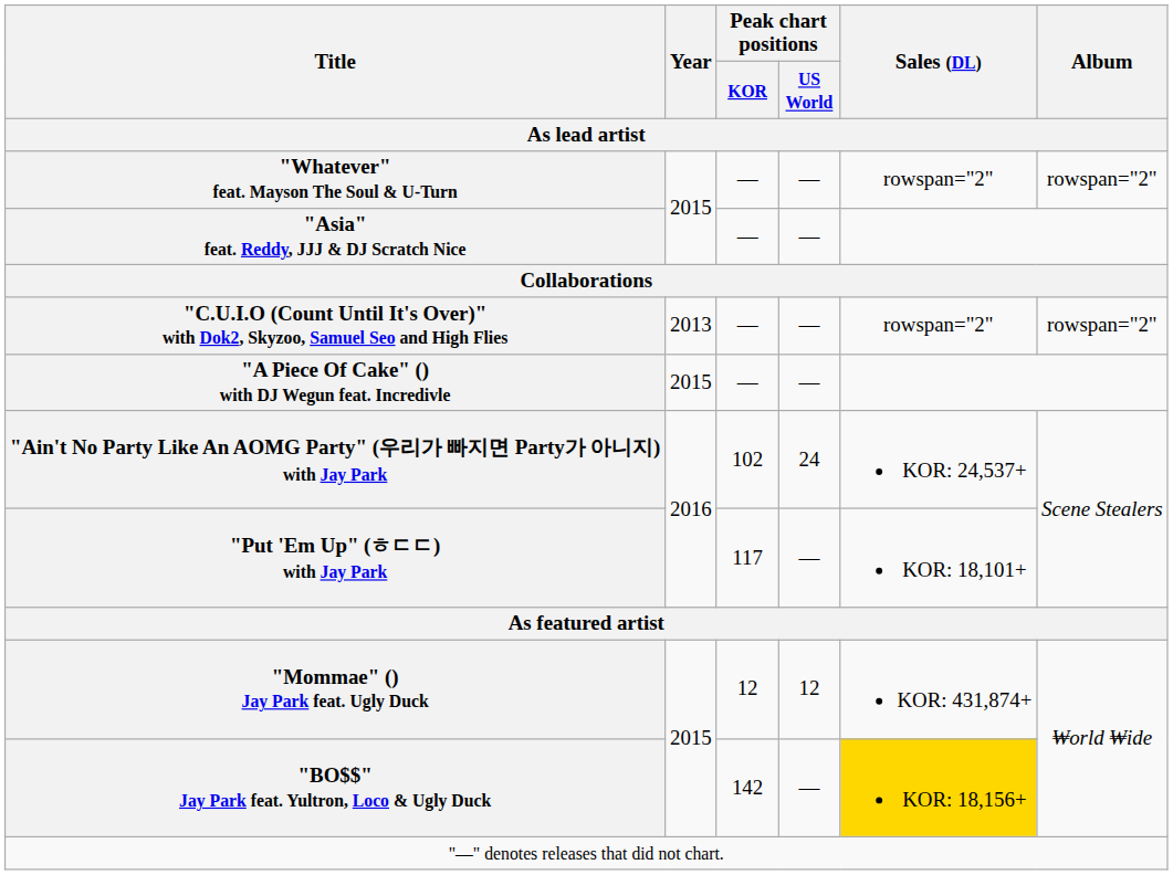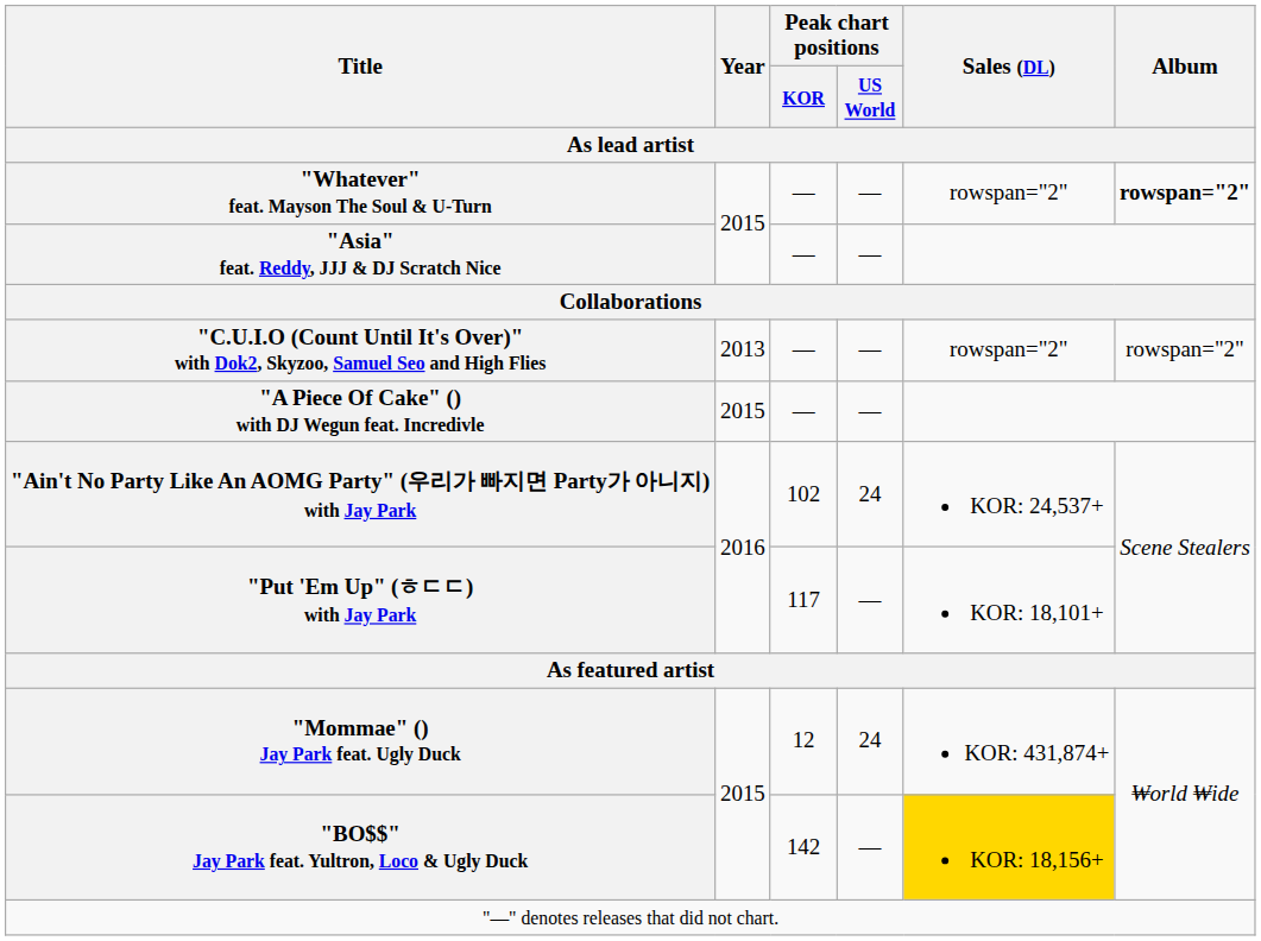 <table class="wikitable plainrowheaders" style="text-align:center;">
 <tr>
 <th scope="col" rowspan="2">Title</th>
 <th scope="col" rowspan="2">Year</th>
 <th scope="col" colspan="2">Peak chart <br> positions</th>
 <th scope="col" rowspan="2">Sales <small>(<a href='#'>DL</a>)</small></th>
 <th scope="col" rowspan="2">Album</th>
 </tr>
 <tr>
 <th scope="col" style="width:2.5em;"><small><a href='#'>KOR</a></small><br></th>
 <th scope="col" style="width:2.5em;"><small><a href='#'>US World</a></small><br></th>
 </tr>
 <tr>
 <th scope="col" colspan="6">As lead artist</th>
 </tr>
 <tr>
 <th scope="row">"Whatever" <br><small>feat. Mayson The Soul & U-Turn</small></th>
 <td rowspan="2">2015</td>
 <td>—</td>
 <td>—</td>
 <td>rowspan="2" </td>
-<td>rowspan="2" </td>
+<td><strong>rowspan="2" </strong></td>
 </tr>
 <tr>
 <th scope="row">"Asia" <br><small>feat. <a href='#'>Reddy</a>, JJJ & DJ Scratch Nice</small></th>
 <td>—</td>
 <td>—</td>
 </tr>
 <tr>
 <th scope="col" colspan="6">Collaborations</th>
 </tr>
 <tr>
 <th scope="row">"C.U.I.O (Count Until It's Over)" <br><small>with <a href='#'>Dok2</a>, Skyzoo, <a href='#'>Samuel Seo</a> and High Flies</small></th>
 <td>2013</td>
 <td>—</td>
 <td>—</td>
 <td>rowspan="2" </td>
 <td>rowspan="2" </td>
 </tr>
 <tr>
 <th scope="row">"A Piece Of Cake" () <br><small>with DJ Wegun feat. Incredivle</small></th>
 <td>2015</td>
 <td>—</td>
 <td>—</td>
 </tr>
 <tr>
 <th scope="row">"Ain't No Party Like An AOMG Party" (우리가 빠지면 Party가 아니지) <br><small>with <a href='#'>Jay Park</a></small></th>
 <td rowspan="2">2016</td>
 <td>102</td>
 <td>24</td>
 <td><br><ul><li>KOR: 24,537+</li></ul></td>
 <td rowspan="2"><em>Scene Stealers</em></td>
 </tr>
 <tr>
 <th scope="row">"Put 'Em Up" (ㅎㄷㄷ) <br><small>with <a href='#'>Jay Park</a></small></th>
 <td>117</td>
 <td>—</td>
 <td><br><ul><li>KOR: 18,101+</li></ul></td>
 </tr>
 <tr>
 <th scope="col" colspan="6">As featured artist</th>
 </tr>
 <tr>
 <th scope="row">"Mommae" () <br><small><a href='#'>Jay Park</a> feat. Ugly Duck</small></th>
 <td rowspan="2">2015</td>
 <td>12</td>
-<td>12</td>
+<td>24</td>
 <td><br><ul><li>KOR: 431,874+</li></ul></td>
 <td rowspan="2"><em>₩orld ₩ide</em></td>
 </tr>
 <tr>
 <th scope="row">"BO$$" <br><small><a href='#'>Jay Park</a> feat. Yultron, <a href='#'>Loco</a> & Ugly Duck</small></th>
 <td>142</td>
 <td>—</td>
 <td style="background: gold;"><br><ul><li>KOR: 18,156+</li></ul></td>
 </tr>
 <tr>
 <td colspan="6" align="center"><small>"—" denotes releases that did not chart.</small></td>
 </tr>
 </table>
